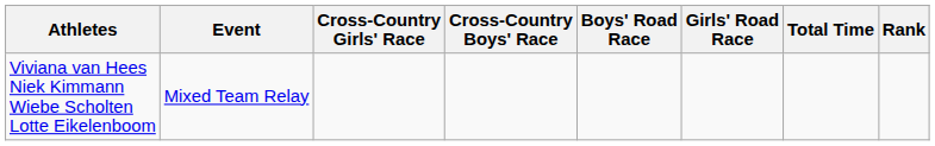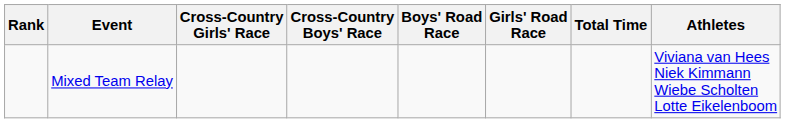 <table class="wikitable" style="font-size:90%;">
 <tr>
-<th>Athletes</th>
+<th>Rank</th>
 <th>Event</th>
 <th>Cross-Country<br>Girls' Race</th>
 <th>Cross-Country<br>Boys' Race</th>
 <th>Boys' Road<br>Race</th>
 <th>Girls' Road<br>Race</th>
 <th>Total Time</th>
-<th>Rank</th>
+<th>Athletes</th>
 </tr>
 <tr align=center>
-<td align=left><a href='#'>Viviana van Hees</a><br><a href='#'>Niek Kimmann</a><br><a href='#'>Wiebe Scholten</a><br><a href='#'>Lotte Eikelenboom</a></td>
+<td></td>
 <td align=left><a href='#'>Mixed Team Relay</a></td>
 <td></td>
 <td></td>
 <td></td>
 <td></td>
 <td></td>
-<td></td>
+<td align=left><a href='#'>Viviana van Hees</a><br><a href='#'>Niek Kimmann</a><br><a href='#'>Wiebe Scholten</a><br><a href='#'>Lotte Eikelenboom</a></td>
 </tr>
 </table>
